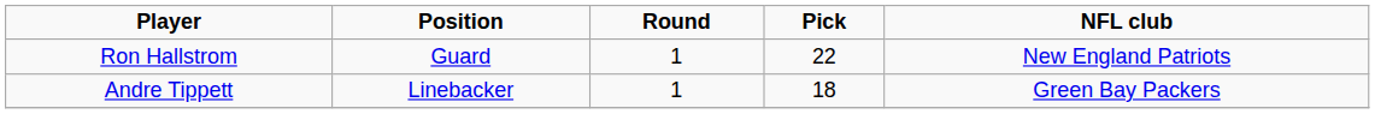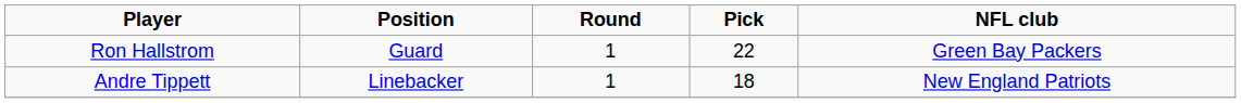 <table class="wikitable" width="80%">
 <tr align="center">
 <td><strong>Player</strong></td>
 <td><strong>Position</strong></td>
 <td><strong>Round</strong></td>
 <td><strong>Pick</strong></td>
 <td><strong>NFL club</strong></td>
 </tr>
 <tr align="center" bgcolor="">
 <td><a href='#'>Ron Hallstrom</a></td>
 <td><a href='#'>Guard</a></td>
 <td>1</td>
 <td>22</td>
-<td><a href='#'>New England Patriots</a></td>
+<td><a href='#'>Green Bay Packers</a></td>
 </tr>
 <tr align="center" bgcolor="">
 <td><a href='#'>Andre Tippett</a></td>
 <td><a href='#'>Linebacker</a></td>
 <td>1</td>
 <td>18</td>
-<td><a href='#'>Green Bay Packers</a></td>
+<td><a href='#'>New England Patriots</a></td>
 </tr>
 <tr align="center" bgcolor="">
 </tr>
 </table>
